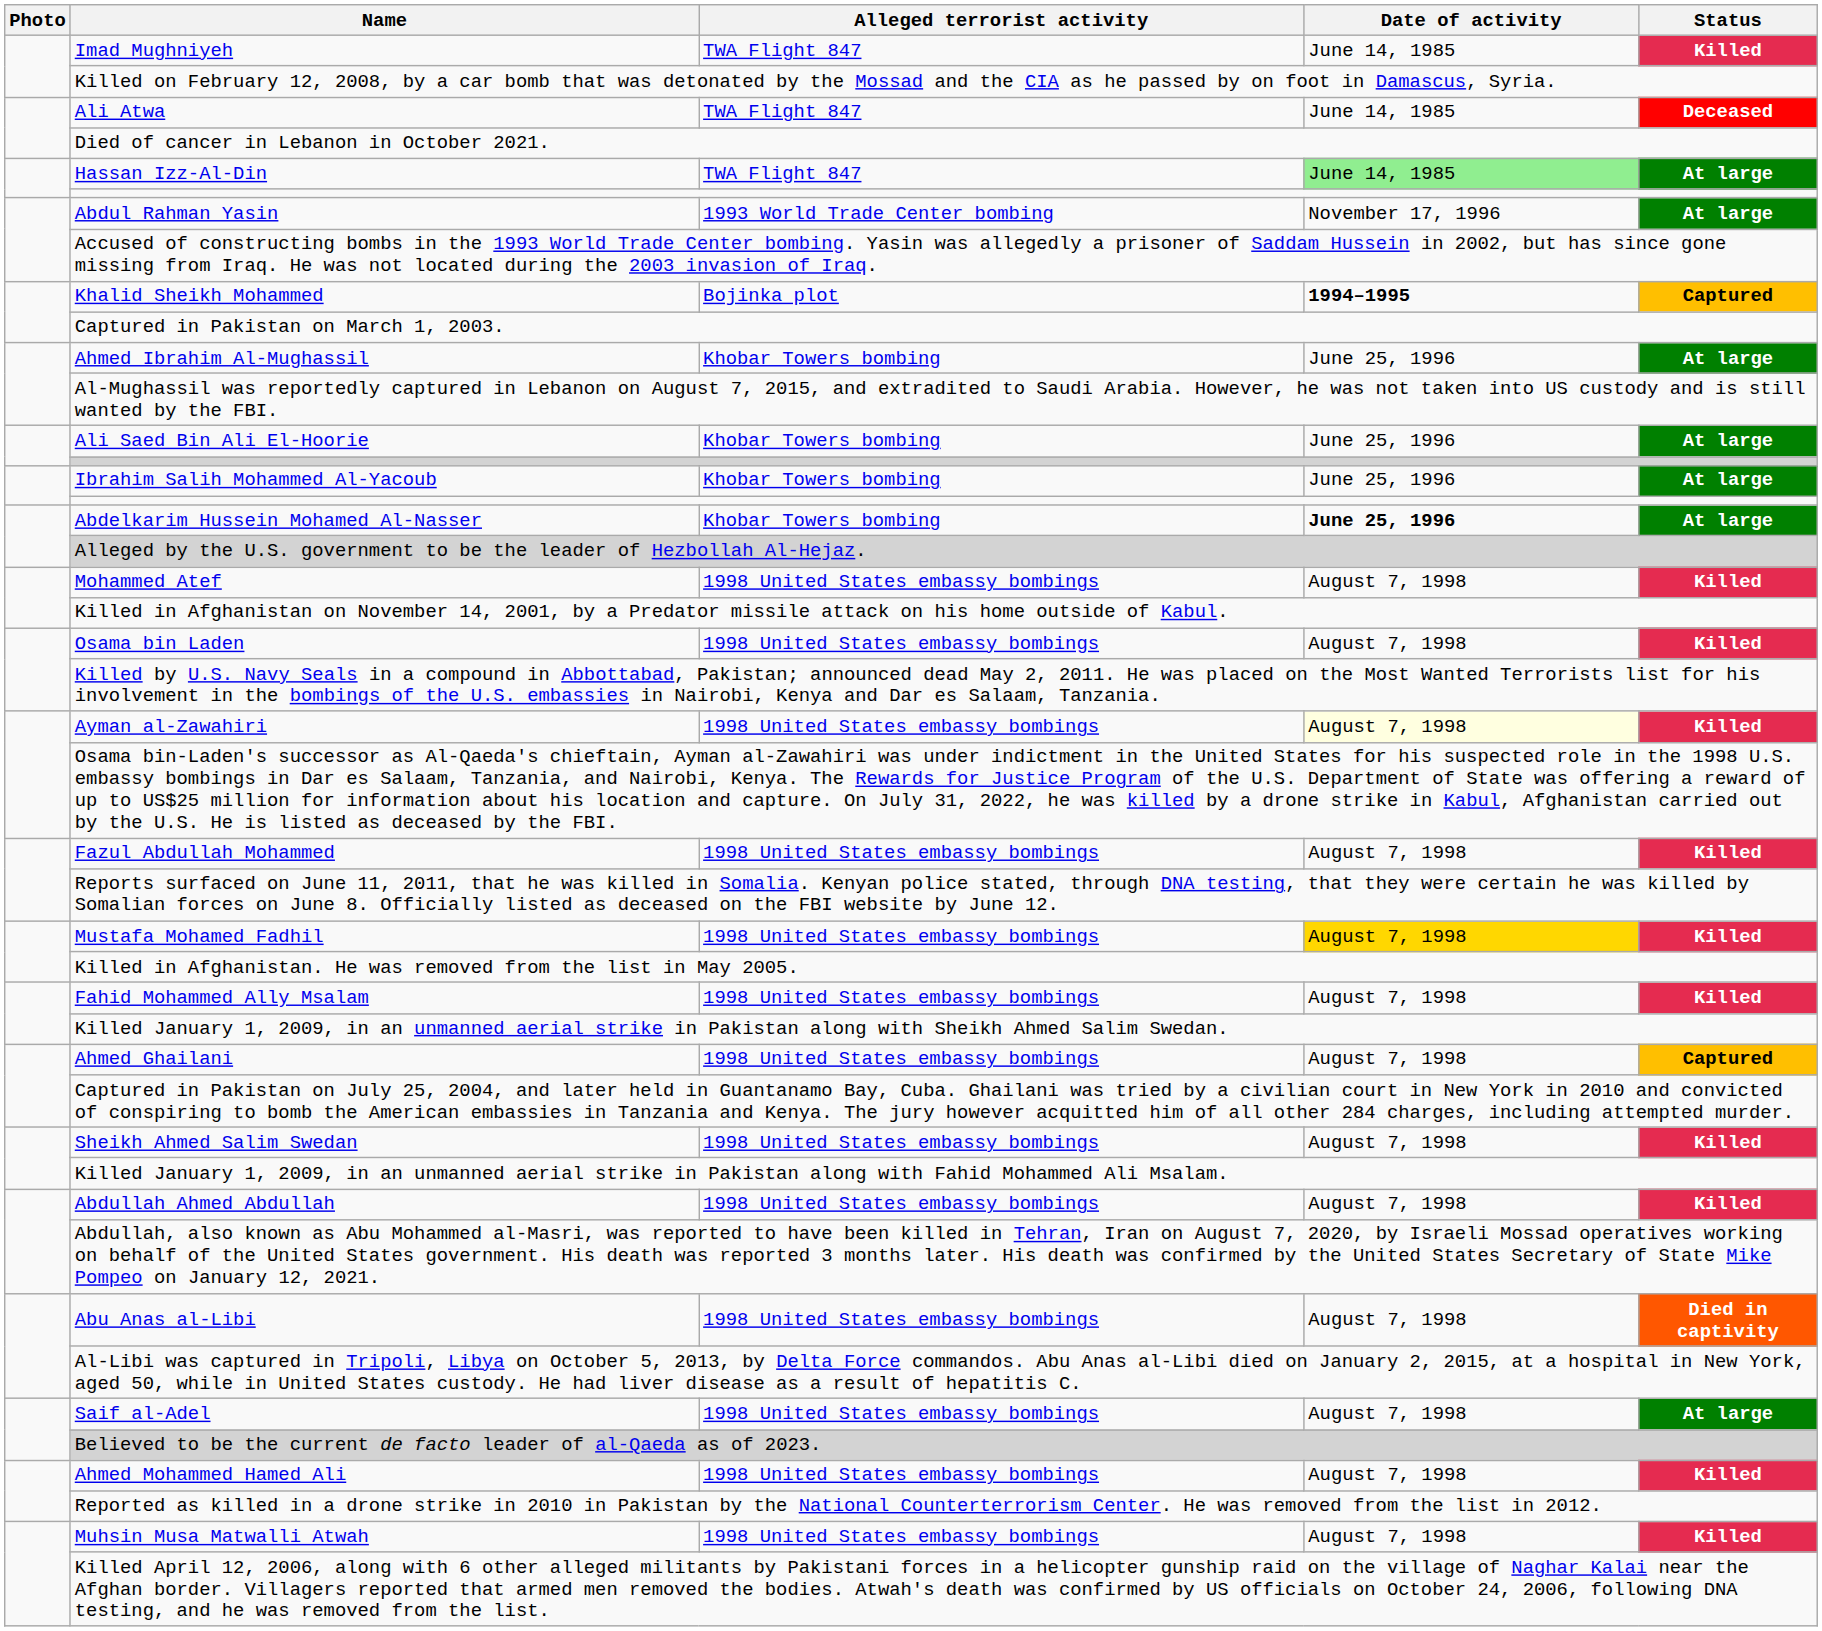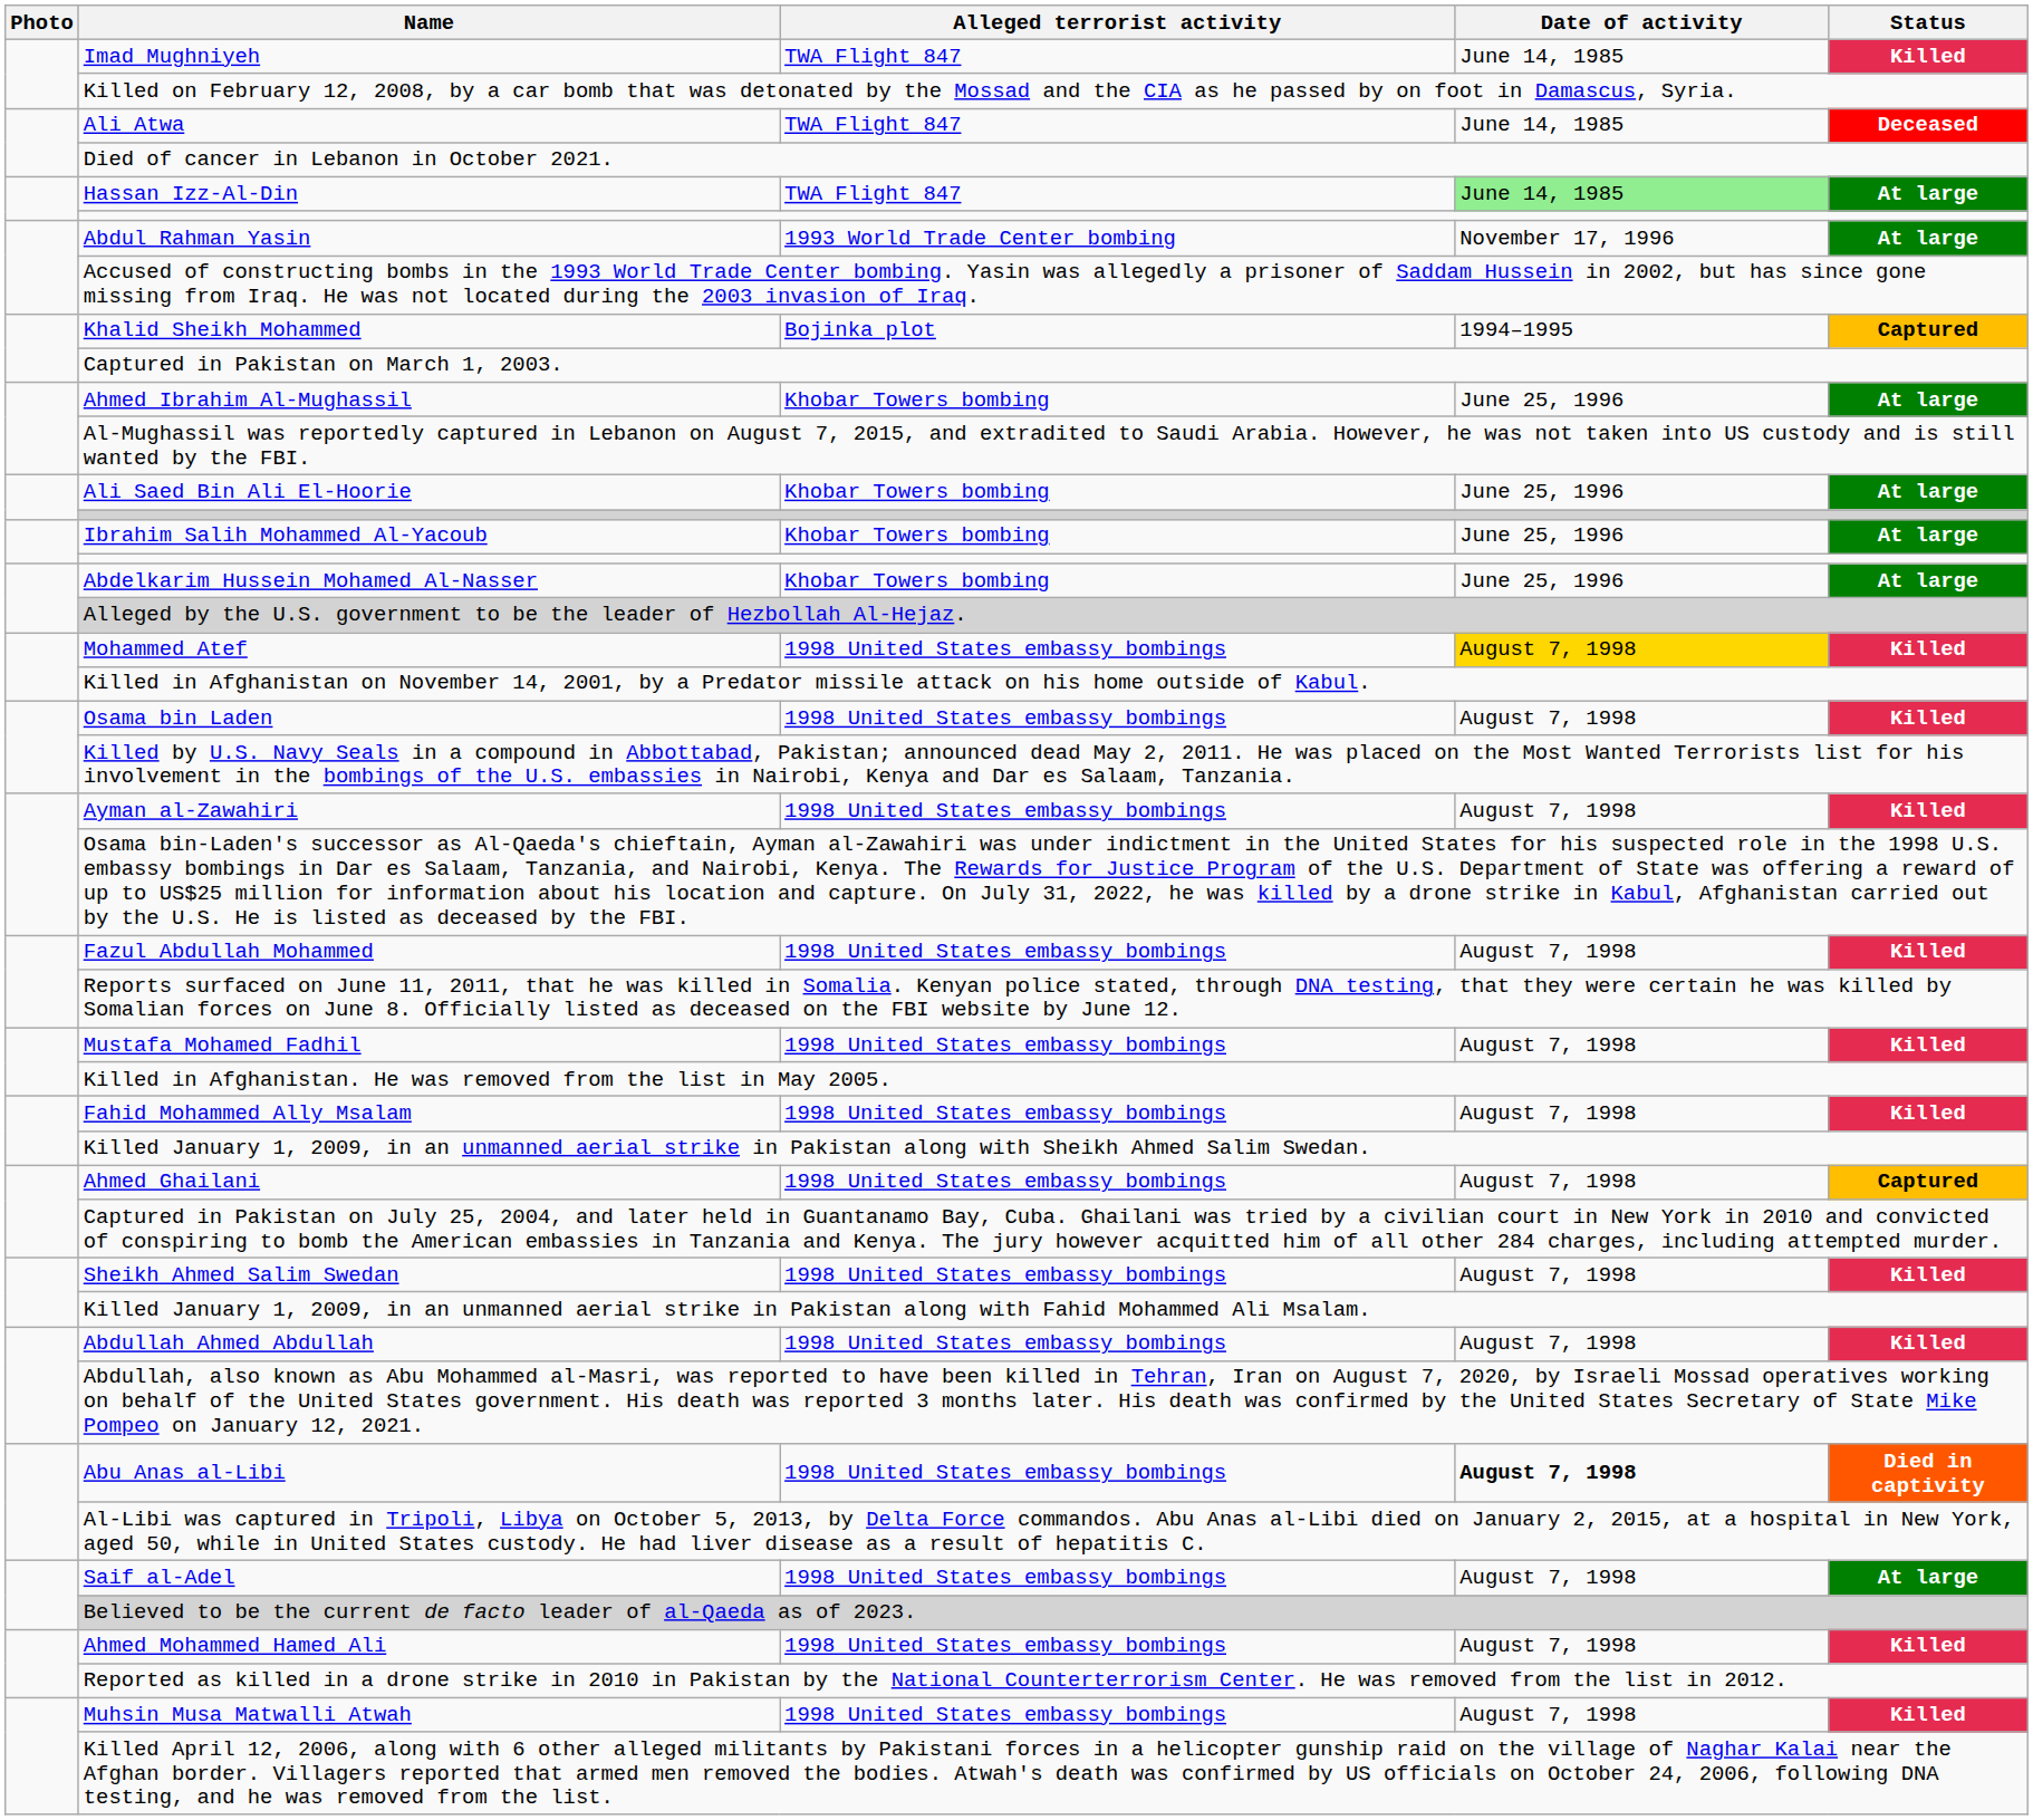 <table class="wikitable">
 <tr>
 <th style="width:2em">Photo</th>
 <th>Name</th>
 <th>Alleged terrorist activity</th>
 <th>Date of activity</th>
 <th style=width:9em>Status</th>
 </tr>
 <tr>
 <td rowSpan="2"></td>
 <td style="height:10px;"><a href='#'>Imad Mughniyeh</a></td>
 <td><a href='#'>TWA Flight 847</a></td>
 <td>June 14, 1985</td>
 <td style="background:#e52b50; color:white; text-align:center;"><strong>Killed</strong></td>
 </tr>
 <tr>
 <td colspan="4" style="vertical-align:top;" style="height:50px;">Killed on February 12, 2008, by a car bomb that was detonated by the <a href='#'>Mossad</a> and the <a href='#'>CIA</a> as he passed by on foot in <a href='#'>Damascus</a>, Syria.</td>
 </tr>
 <tr>
 <td rowSpan="2"></td>
 <td style="height:10px;"><a href='#'>Ali Atwa</a></td>
 <td><a href='#'>TWA Flight 847</a></td>
 <td>June 14, 1985</td>
 <td style="background:red; color:white; text-align:center;"><strong>Deceased</strong></td>
 </tr>
 <tr>
 <td colspan="4" style="vertical-align:top;" style="height:50px;">Died of cancer in Lebanon in October 2021.</td>
 </tr>
 <tr>
 <td rowSpan="2"></td>
 <td style="height:10px;"><a href='#'>Hassan Izz-Al-Din</a></td>
 <td><a href='#'>TWA Flight 847</a></td>
 <td style="background: lightgreen;">June 14, 1985</td>
 <td style="background:green; color:white; text-align:center;"><strong>At large</strong></td>
 </tr>
 <tr>
 <td colspan="4" style="vertical-align:top;" style="height:50px;"></td>
 </tr>
 <tr>
 <td rowSpan="2"></td>
 <td style="height:10px;"><a href='#'>Abdul Rahman Yasin</a></td>
 <td><a href='#'>1993 World Trade Center bombing</a></td>
 <td>November 17, 1996</td>
 <td style="background:green; color:white; text-align:center;"><strong>At large</strong></td>
 </tr>
 <tr>
 <td colspan="4" style="vertical-align:top;" style="height:50px;">Accused of constructing bombs in the <a href='#'>1993 World Trade Center bombing</a>. Yasin was allegedly a prisoner of <a href='#'>Saddam Hussein</a> in 2002, but has since gone missing from Iraq. He was not located during the <a href='#'>2003 invasion of Iraq</a>.</td>
 </tr>
 <tr>
 <td rowSpan="2"></td>
 <td style="height:10px;"><a href='#'>Khalid Sheikh Mohammed</a></td>
 <td><a href='#'>Bojinka plot</a></td>
-<td><strong>1994–1995</strong></td>
+<td>1994–1995</td>
 <td style="background:#ffbf00; color:black; text-align:center;"><strong>Captured</strong></td>
 </tr>
 <tr>
 <td colspan="4" style="vertical-align:top;" style="height:50px;">Captured in Pakistan on March 1, 2003.</td>
 </tr>
 <tr>
 <td rowSpan="2"></td>
 <td style="height:10px;"><a href='#'>Ahmed Ibrahim Al-Mughassil</a></td>
 <td><a href='#'>Khobar Towers bombing</a></td>
 <td>June 25, 1996</td>
 <td style="background:green; color:white; text-align:center;"><strong>At large</strong></td>
 </tr>
 <tr>
 <td colspan="4" style="vertical-align:top;" style="height:50px;">Al-Mughassil was reportedly captured in Lebanon on August 7, 2015, and extradited to Saudi Arabia. However, he was not taken into US custody and is still wanted by the FBI.</td>
 </tr>
 <tr>
 <td rowSpan="2"></td>
 <td style="height:10px;"><a href='#'>Ali Saed Bin Ali El-Hoorie</a></td>
 <td><a href='#'>Khobar Towers bombing</a></td>
 <td>June 25, 1996</td>
 <td style="background:green; color:white; text-align:center;"><strong>At large</strong></td>
 </tr>
 <tr>
 <td colspan="4" style="background:lightgrey;" style="height:50px;"></td>
 </tr>
 <tr>
 <td rowSpan="2"></td>
 <td style="height:10px;"><a href='#'>Ibrahim Salih Mohammed Al-Yacoub</a></td>
 <td><a href='#'>Khobar Towers bombing</a></td>
 <td>June 25, 1996</td>
 <td style="background:green; color:white; text-align:center;"><strong>At large</strong></td>
 </tr>
 <tr>
 <td colspan="4" style="vertical-align:top;" style="height:50px;"></td>
 </tr>
 <tr>
 <td rowSpan="2"></td>
 <td style="height:10px;"><a href='#'>Abdelkarim Hussein Mohamed Al-Nasser</a></td>
 <td><a href='#'>Khobar Towers bombing</a></td>
-<td><strong>June 25, 1996</strong></td>
+<td>June 25, 1996</td>
 <td style="background:green; color:white; text-align:center;"><strong>At large</strong></td>
 </tr>
 <tr>
 <td colspan="4" style="background:lightgrey;" style="height:50px;">Alleged by the U.S. government to be the leader of <a href='#'>Hezbollah Al-Hejaz</a>.</td>
 </tr>
 <tr>
 <td rowSpan="2"></td>
 <td style="height:10px;"><a href='#'>Mohammed Atef</a></td>
 <td><a href='#'>1998 United States embassy bombings</a></td>
-<td>August 7, 1998</td>
+<td style="background: gold;">August 7, 1998</td>
 <td style="background:#e52b50; color:white; text-align:center;"><strong>Killed</strong></td>
 </tr>
 <tr>
 <td colspan="4" style="vertical-align:top;" style="height:50px;">Killed in Afghanistan on November 14, 2001, by a Predator missile attack on his home outside of <a href='#'>Kabul</a>.</td>
 </tr>
 <tr>
 <td rowSpan="2"></td>
 <td style="height:10px;"><a href='#'>Osama bin Laden</a></td>
 <td><a href='#'>1998 United States embassy bombings</a></td>
 <td>August 7, 1998</td>
 <td style="background:#e52b50; color:white; text-align:center;"><strong>Killed</strong></td>
 </tr>
 <tr>
 <td colspan="4" style="vertical-align:top;" style="height:50px;"><a href='#'>Killed</a> by <a href='#'>U.S. Navy Seals</a> in a compound in <a href='#'>Abbottabad</a>, Pakistan; announced dead May 2, 2011. He was placed on the Most Wanted Terrorists list for his involvement in the <a href='#'>bombings of the U.S. embassies</a> in Nairobi, Kenya and Dar es Salaam, Tanzania.</td>
 </tr>
 <tr>
 <td rowSpan="2"></td>
 <td style="height:10px;"><a href='#'>Ayman al-Zawahiri</a></td>
 <td><a href='#'>1998 United States embassy bombings</a></td>
-<td style="background: lightyellow;">August 7, 1998</td>
+<td>August 7, 1998</td>
 <td style="background:#e52b50; color:white; text-align:center;"><strong>Killed</strong></td>
 </tr>
 <tr>
 <td colspan="4" style="vertical-align:top;" style="height:50px;">Osama bin-Laden's successor as Al-Qaeda's chieftain, Ayman al-Zawahiri was under indictment in the United States for his suspected role in the 1998 U.S. embassy bombings in Dar es Salaam, Tanzania, and Nairobi, Kenya. The <a href='#'>Rewards for Justice Program</a> of the U.S. Department of State was offering a reward of up to US$25 million for information about his location and capture. On July 31, 2022, he was <a href='#'>killed</a> by a drone strike in <a href='#'>Kabul</a>, Afghanistan carried out by the U.S. He is listed as deceased by the FBI.</td>
 </tr>
 <tr>
 <td rowSpan="2"></td>
 <td style="height:10px;"><a href='#'>Fazul Abdullah Mohammed</a></td>
 <td><a href='#'>1998 United States embassy bombings</a></td>
 <td>August 7, 1998</td>
 <td style="background:#e52b50; color:white; text-align:center;"><strong>Killed</strong></td>
 </tr>
 <tr>
 <td colspan="4" style="vertical-align:top;" style="height:50px;">Reports surfaced on June 11, 2011, that he was killed in <a href='#'>Somalia</a>. Kenyan police stated, through <a href='#'>DNA testing</a>, that they were certain he was killed by Somalian forces on June 8. Officially listed as deceased on the FBI website by June 12.</td>
 </tr>
 <tr>
 <td rowSpan="2"></td>
 <td style="height:10px;"><a href='#'>Mustafa Mohamed Fadhil</a></td>
 <td><a href='#'>1998 United States embassy bombings</a></td>
-<td style="background: gold;">August 7, 1998</td>
+<td>August 7, 1998</td>
 <td style="background:#e52b50; color:white; text-align:center;"><strong>Killed</strong></td>
 </tr>
 <tr>
 <td colspan="4" style="vertical-align:top;" style="height:50px;">Killed in Afghanistan. He was removed from the list in May 2005.</td>
 </tr>
 <tr>
 <td rowSpan="2"></td>
 <td style="height:10px;"><a href='#'>Fahid Mohammed Ally Msalam</a></td>
 <td><a href='#'>1998 United States embassy bombings</a></td>
 <td>August 7, 1998</td>
 <td style="background:#e52b50; color:white; text-align:center;"><strong>Killed</strong></td>
 </tr>
 <tr>
 <td colspan="4" style="vertical-align:top;" style="height:50px;">Killed January 1, 2009, in an <a href='#'>unmanned aerial strike</a> in Pakistan along with Sheikh Ahmed Salim Swedan.</td>
 </tr>
 <tr>
 <td rowSpan="2"></td>
 <td style="height:10px;"><a href='#'>Ahmed Ghailani</a></td>
 <td><a href='#'>1998 United States embassy bombings</a></td>
 <td>August 7, 1998</td>
 <td style="background:#ffbf00; color:black; text-align:center;"><strong>Captured</strong></td>
 </tr>
 <tr>
 <td colspan="4" style="vertical-align:top;" style="height:50px;">Captured in Pakistan on July 25, 2004, and later held in Guantanamo Bay, Cuba. Ghailani was tried by a civilian court in New York in 2010 and convicted of conspiring to bomb the American embassies in Tanzania and Kenya. The jury however acquitted him of all other 284 charges, including attempted murder.</td>
 </tr>
 <tr>
 <td rowSpan="2"></td>
 <td style="height:10px;"><a href='#'>Sheikh Ahmed Salim Swedan</a></td>
 <td><a href='#'>1998 United States embassy bombings</a></td>
 <td>August 7, 1998</td>
 <td style="background:#e52b50; color:white; text-align:center;"><strong>Killed</strong></td>
 </tr>
 <tr>
 <td colspan="4" style="vertical-align:top;" style="height:50px;">Killed January 1, 2009, in an unmanned aerial strike in Pakistan along with Fahid Mohammed Ali Msalam.</td>
 </tr>
 <tr>
 <td rowSpan="2"></td>
 <td style="height:10px;"><a href='#'>Abdullah Ahmed Abdullah</a></td>
 <td><a href='#'>1998 United States embassy bombings</a></td>
 <td>August 7, 1998</td>
 <td style="background:#e52b50; color:white; text-align:center;"><strong>Killed</strong></td>
 </tr>
 <tr>
 <td colspan="4" style="vertical-align:top;" style="height:50px;">Abdullah, also known as Abu Mohammed al-Masri, was reported to have been killed in <a href='#'>Tehran</a>, Iran on August 7, 2020, by Israeli Mossad operatives working on behalf of the United States government. His death was reported 3 months later. His death was confirmed by the United States Secretary of State <a href='#'>Mike Pompeo</a> on January 12, 2021.</td>
 </tr>
 <tr>
 <td rowSpan="2"></td>
 <td style="height:10px;"><a href='#'>Abu Anas al-Libi</a></td>
 <td><a href='#'>1998 United States embassy bombings</a></td>
-<td>August 7, 1998</td>
+<td><strong>August 7, 1998</strong></td>
 <td style="background:#FF5700; color:white; text-align:center;"><strong>Died in captivity</strong></td>
 </tr>
 <tr>
 <td colspan="4" style="vertical-align:top;" style="height:50px;">Al-Libi was captured in <a href='#'>Tripoli</a>, <a href='#'>Libya</a> on October 5, 2013, by <a href='#'>Delta Force</a> commandos. Abu Anas al-Libi died on January 2, 2015, at a hospital in New York, aged 50, while in United States custody. He had liver disease as a result of hepatitis C.</td>
 </tr>
 <tr>
 <td rowSpan="2"></td>
 <td style="height:10px;"><a href='#'>Saif al-Adel</a></td>
 <td><a href='#'>1998 United States embassy bombings</a></td>
 <td>August 7, 1998</td>
 <td style="background:green; color:white; text-align:center;"><strong>At large</strong></td>
 </tr>
 <tr>
 <td colspan="4" style="background:lightgrey;" style="vertical-align:top;" style="height:50px;">Believed to be the current <em>de facto</em> leader of <a href='#'>al-Qaeda</a> as of 2023.</td>
 </tr>
 <tr>
 <td rowSpan="2"></td>
 <td style="height:10px;"><a href='#'>Ahmed Mohammed Hamed Ali</a></td>
 <td><a href='#'>1998 United States embassy bombings</a></td>
 <td>August 7, 1998</td>
 <td style="background:#e52b50; color:white; text-align:center;"><strong>Killed</strong></td>
 </tr>
 <tr>
 <td colspan="4" style="vertical-align:top;">Reported as killed in a drone strike in 2010 in Pakistan by the <a href='#'>National Counterterrorism Center</a>. He was removed from the list in 2012.</td>
 </tr>
 <tr>
 <td rowSpan="2"></td>
 <td style="height:10px;"><a href='#'>Muhsin Musa Matwalli Atwah</a></td>
 <td><a href='#'>1998 United States embassy bombings</a></td>
 <td>August 7, 1998</td>
 <td style="background:#e52b50; color:white; text-align:center;"><strong>Killed</strong></td>
 </tr>
 <tr>
 <td colspan="4" style="vertical-align:top;" style="height:50px;">Killed April 12, 2006, along with 6 other alleged militants by Pakistani forces in a helicopter gunship raid on the village of <a href='#'>Naghar Kalai</a> near the Afghan border. Villagers reported that armed men removed the bodies. Atwah's death was confirmed by US officials on October 24, 2006, following DNA testing, and he was removed from the list.</td>
 </tr>
 </table>
